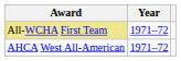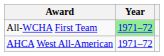 <table class="wikitable">
 <tr>
 <th>Award</th>
 <th>Year</th>
 <th></th>
 </tr>
 <tr>
-<td style="background: khaki;">All-<a href='#'>WCHA</a> <a href='#'>First Team</a></td>
-<td><a href='#'>1971–72</a></td>
+<td>All-<a href='#'>WCHA</a> <a href='#'>First Team</a></td>
+<td style="background: lightgreen;"><a href='#'>1971–72</a></td>
 <td></td>
 </tr>
 <tr>
 <td><a href='#'>AHCA</a> <a href='#'>West All-American</a></td>
 <td><a href='#'>1971–72</a></td>
 <td></td>
 </tr>
 </table>
